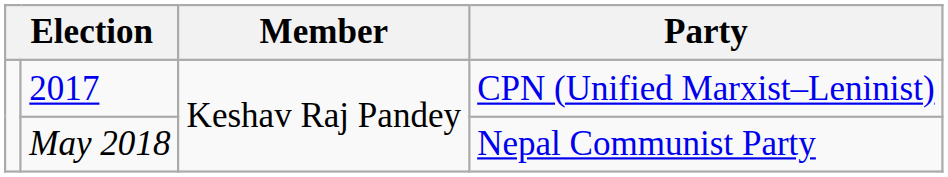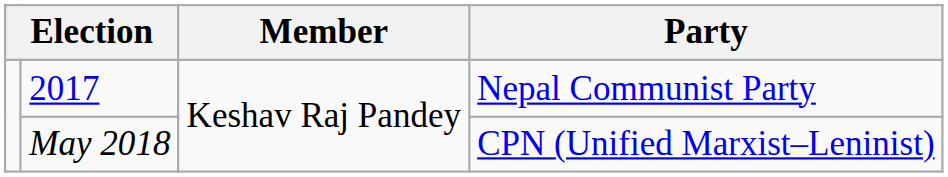 <table class="wikitable">
 <tr>
 <th colspan="2">Election</th>
 <th>Member</th>
 <th>Party</th>
 </tr>
 <tr>
 <td rowspan="2" style="background-color:"></td>
 <td><a href='#'>2017</a></td>
 <td rowspan="2">Keshav Raj Pandey</td>
-<td><a href='#'>CPN (Unified Marxist–Leninist)</a></td>
+<td><a href='#'>Nepal Communist Party</a></td>
 </tr>
 <tr>
 <td><em>May 2018</em></td>
-<td><a href='#'>Nepal Communist Party</a></td>
+<td><a href='#'>CPN (Unified Marxist–Leninist)</a></td>
 </tr>
 </table>
